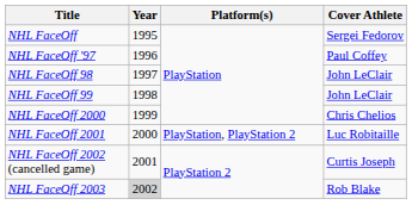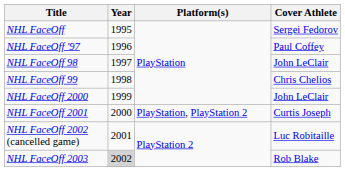 <table class="wikitable">
 <tr>
 <th style="width:150px;">Title</th>
 <th>Year</th>
 <th style="width:200px;">Platform(s)</th>
 <th>Cover Athlete</th>
 </tr>
 <tr>
 <td><em><a href='#'>NHL FaceOff</a></em></td>
 <td>1995</td>
 <td rowspan=5><a href='#'>PlayStation</a></td>
 <td><a href='#'>Sergei Fedorov</a></td>
 </tr>
 <tr>
 <td><em><a href='#'>NHL FaceOff '97</a></em></td>
 <td>1996</td>
 <td><a href='#'>Paul Coffey</a></td>
 </tr>
 <tr>
 <td><em><a href='#'>NHL FaceOff 98</a></em></td>
 <td>1997</td>
 <td><a href='#'>John LeClair</a></td>
 </tr>
 <tr>
 <td><em><a href='#'>NHL FaceOff 99</a></em></td>
 <td>1998</td>
-<td><a href='#'>John LeClair</a></td>
+<td><a href='#'>Chris Chelios</a></td>
 </tr>
 <tr>
 <td><em><a href='#'>NHL FaceOff 2000</a></em></td>
 <td>1999</td>
-<td><a href='#'>Chris Chelios</a></td>
+<td><a href='#'>John LeClair</a></td>
 </tr>
 <tr>
 <td><em><a href='#'>NHL FaceOff 2001</a></em></td>
 <td>2000</td>
 <td><a href='#'>PlayStation</a>, <a href='#'>PlayStation 2</a></td>
-<td><a href='#'>Luc Robitaille</a></td>
+<td><a href='#'>Curtis Joseph</a></td>
 </tr>
 <tr>
 <td><em><a href='#'>NHL FaceOff 2002</a></em> (cancelled game)</td>
 <td>2001</td>
 <td rowspan=2><a href='#'>PlayStation 2</a></td>
-<td><a href='#'>Curtis Joseph</a></td>
+<td><a href='#'>Luc Robitaille</a></td>
 </tr>
 <tr>
 <td><em><a href='#'>NHL FaceOff 2003</a></em></td>
 <td style="background: lightgrey;">2002</td>
 <td><a href='#'>Rob Blake</a></td>
 </tr>
 </table>
